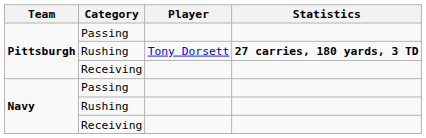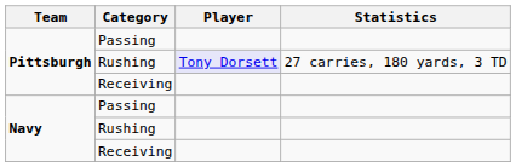 <table class="wikitable" style="float: right;">
 <tr>
 <th>Team</th>
 <th>Category</th>
 <th>Player</th>
 <th>Statistics</th>
 </tr>
 <tr>
 <td rowspan=3><strong>Pittsburgh</strong></td>
 <td>Passing</td>
 <td></td>
 <td></td>
 </tr>
 <tr>
 <td>Rushing</td>
-<td><a href='#'>Tony Dorsett</a></td>
-<td><strong>27 carries, 180 yards, 3 TD</strong></td>
+<td style="background: lavender;"><a href='#'>Tony Dorsett</a></td>
+<td>27 carries, 180 yards, 3 TD</td>
 </tr>
 <tr>
 <td>Receiving</td>
 <td></td>
 <td></td>
 </tr>
 <tr>
 <td rowspan=3><strong>Navy</strong></td>
 <td>Passing</td>
 <td></td>
 <td></td>
 </tr>
 <tr>
 <td>Rushing</td>
 <td></td>
 <td></td>
 </tr>
 <tr>
 <td>Receiving</td>
 <td></td>
 <td></td>
 </tr>
 </table>
